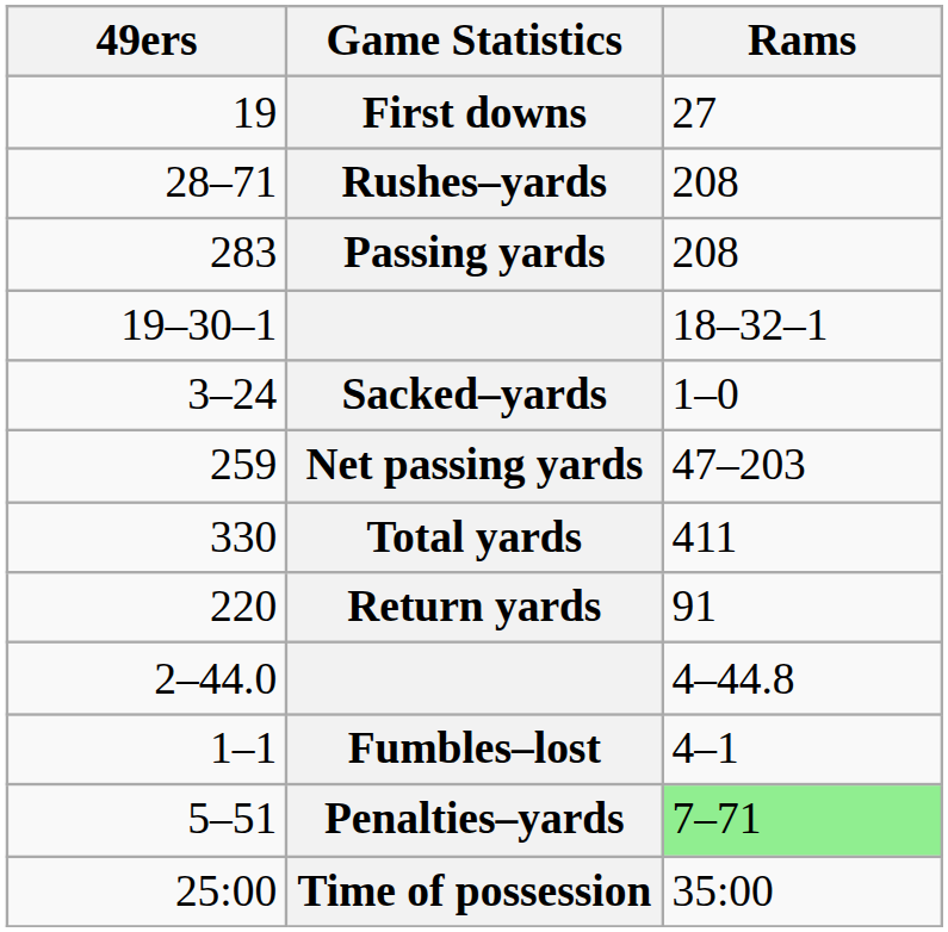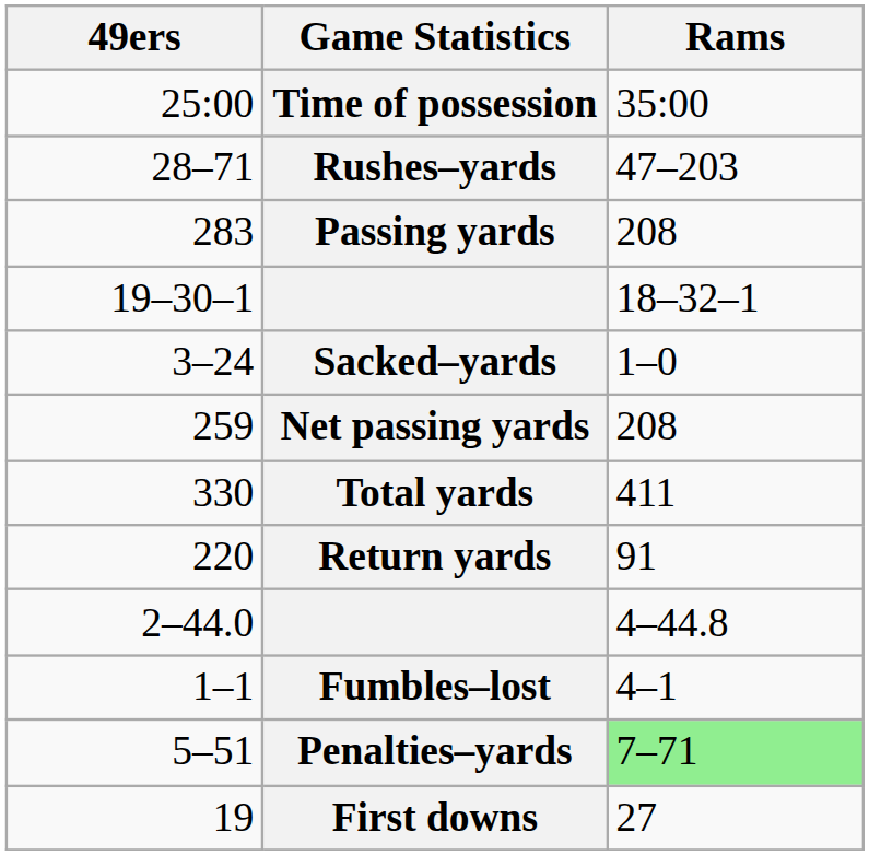 <table class="wikitable" style="margin: 1em auto 1em auto">
 <tr>
 <th style="width:30%;">49ers</th>
 <th style="width:40%;">Game Statistics</th>
 <th style="width:30%;">Rams</th>
 </tr>
 <tr>
-<td style="text-align:right;">19</td>
-<th>First downs</th>
-<td>27</td>
+<td style="text-align:right;">25:00</td>
+<th>Time of possession</th>
+<td>35:00</td>
 </tr>
 <tr>
 <td style="text-align:right;">28–71</td>
 <th>Rushes–yards</th>
-<td>208</td>
+<td>47–203</td>
 </tr>
 <tr>
 <td style="text-align:right;">283</td>
 <th>Passing yards</th>
 <td>208</td>
 </tr>
 <tr>
 <td style="text-align:right;">19–30–1</td>
 <th></th>
 <td>18–32–1</td>
 </tr>
 <tr>
 <td style="text-align:right;">3–24</td>
 <th>Sacked–yards</th>
 <td>1–0</td>
 </tr>
 <tr>
 <td style="text-align:right;">259</td>
 <th>Net passing yards</th>
-<td>47–203</td>
+<td>208</td>
 </tr>
 <tr>
 <td style="text-align:right;">330</td>
 <th>Total yards</th>
 <td>411</td>
 </tr>
 <tr>
 <td style="text-align:right;">220</td>
 <th>Return yards</th>
 <td>91</td>
 </tr>
 <tr>
 <td style="text-align:right;">2–44.0</td>
 <th></th>
 <td>4–44.8</td>
 </tr>
 <tr>
 <td style="text-align:right;">1–1</td>
 <th>Fumbles–lost</th>
 <td>4–1</td>
 </tr>
 <tr>
 <td style="text-align:right;">5–51</td>
 <th>Penalties–yards</th>
 <td style="background: lightgreen;">7–71</td>
 </tr>
 <tr>
-<td style="text-align:right;">25:00</td>
-<th>Time of possession</th>
-<td>35:00</td>
+<td style="text-align:right;">19</td>
+<th>First downs</th>
+<td>27</td>
 </tr>
 </table>
